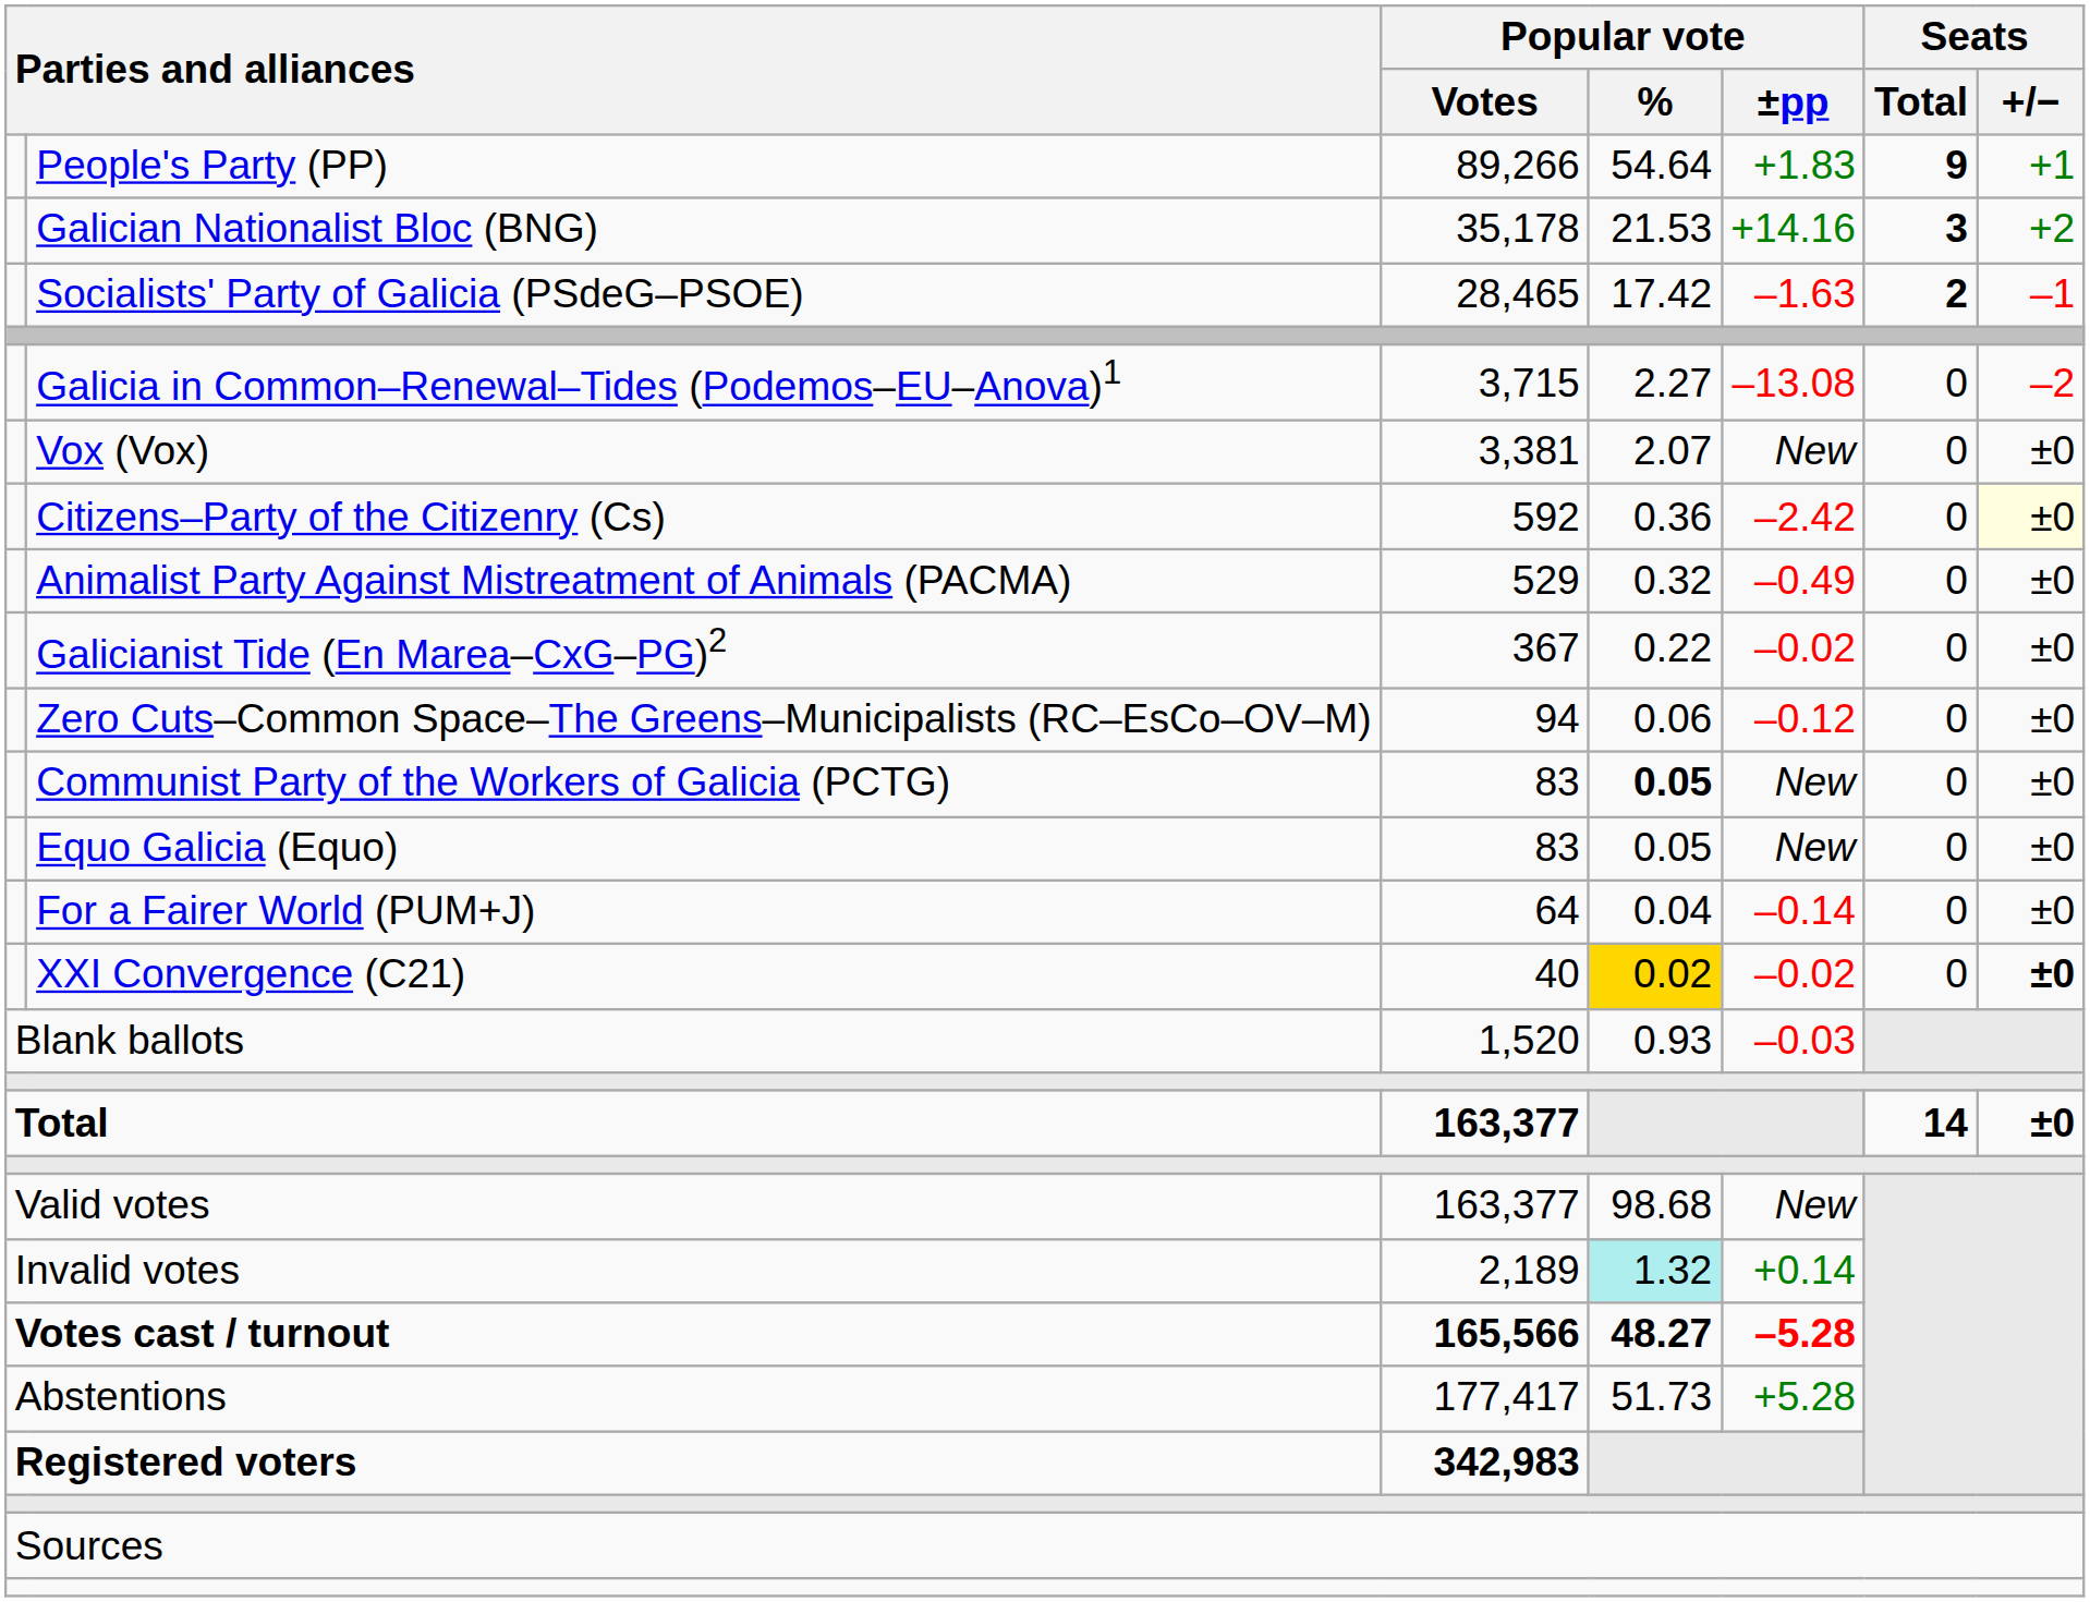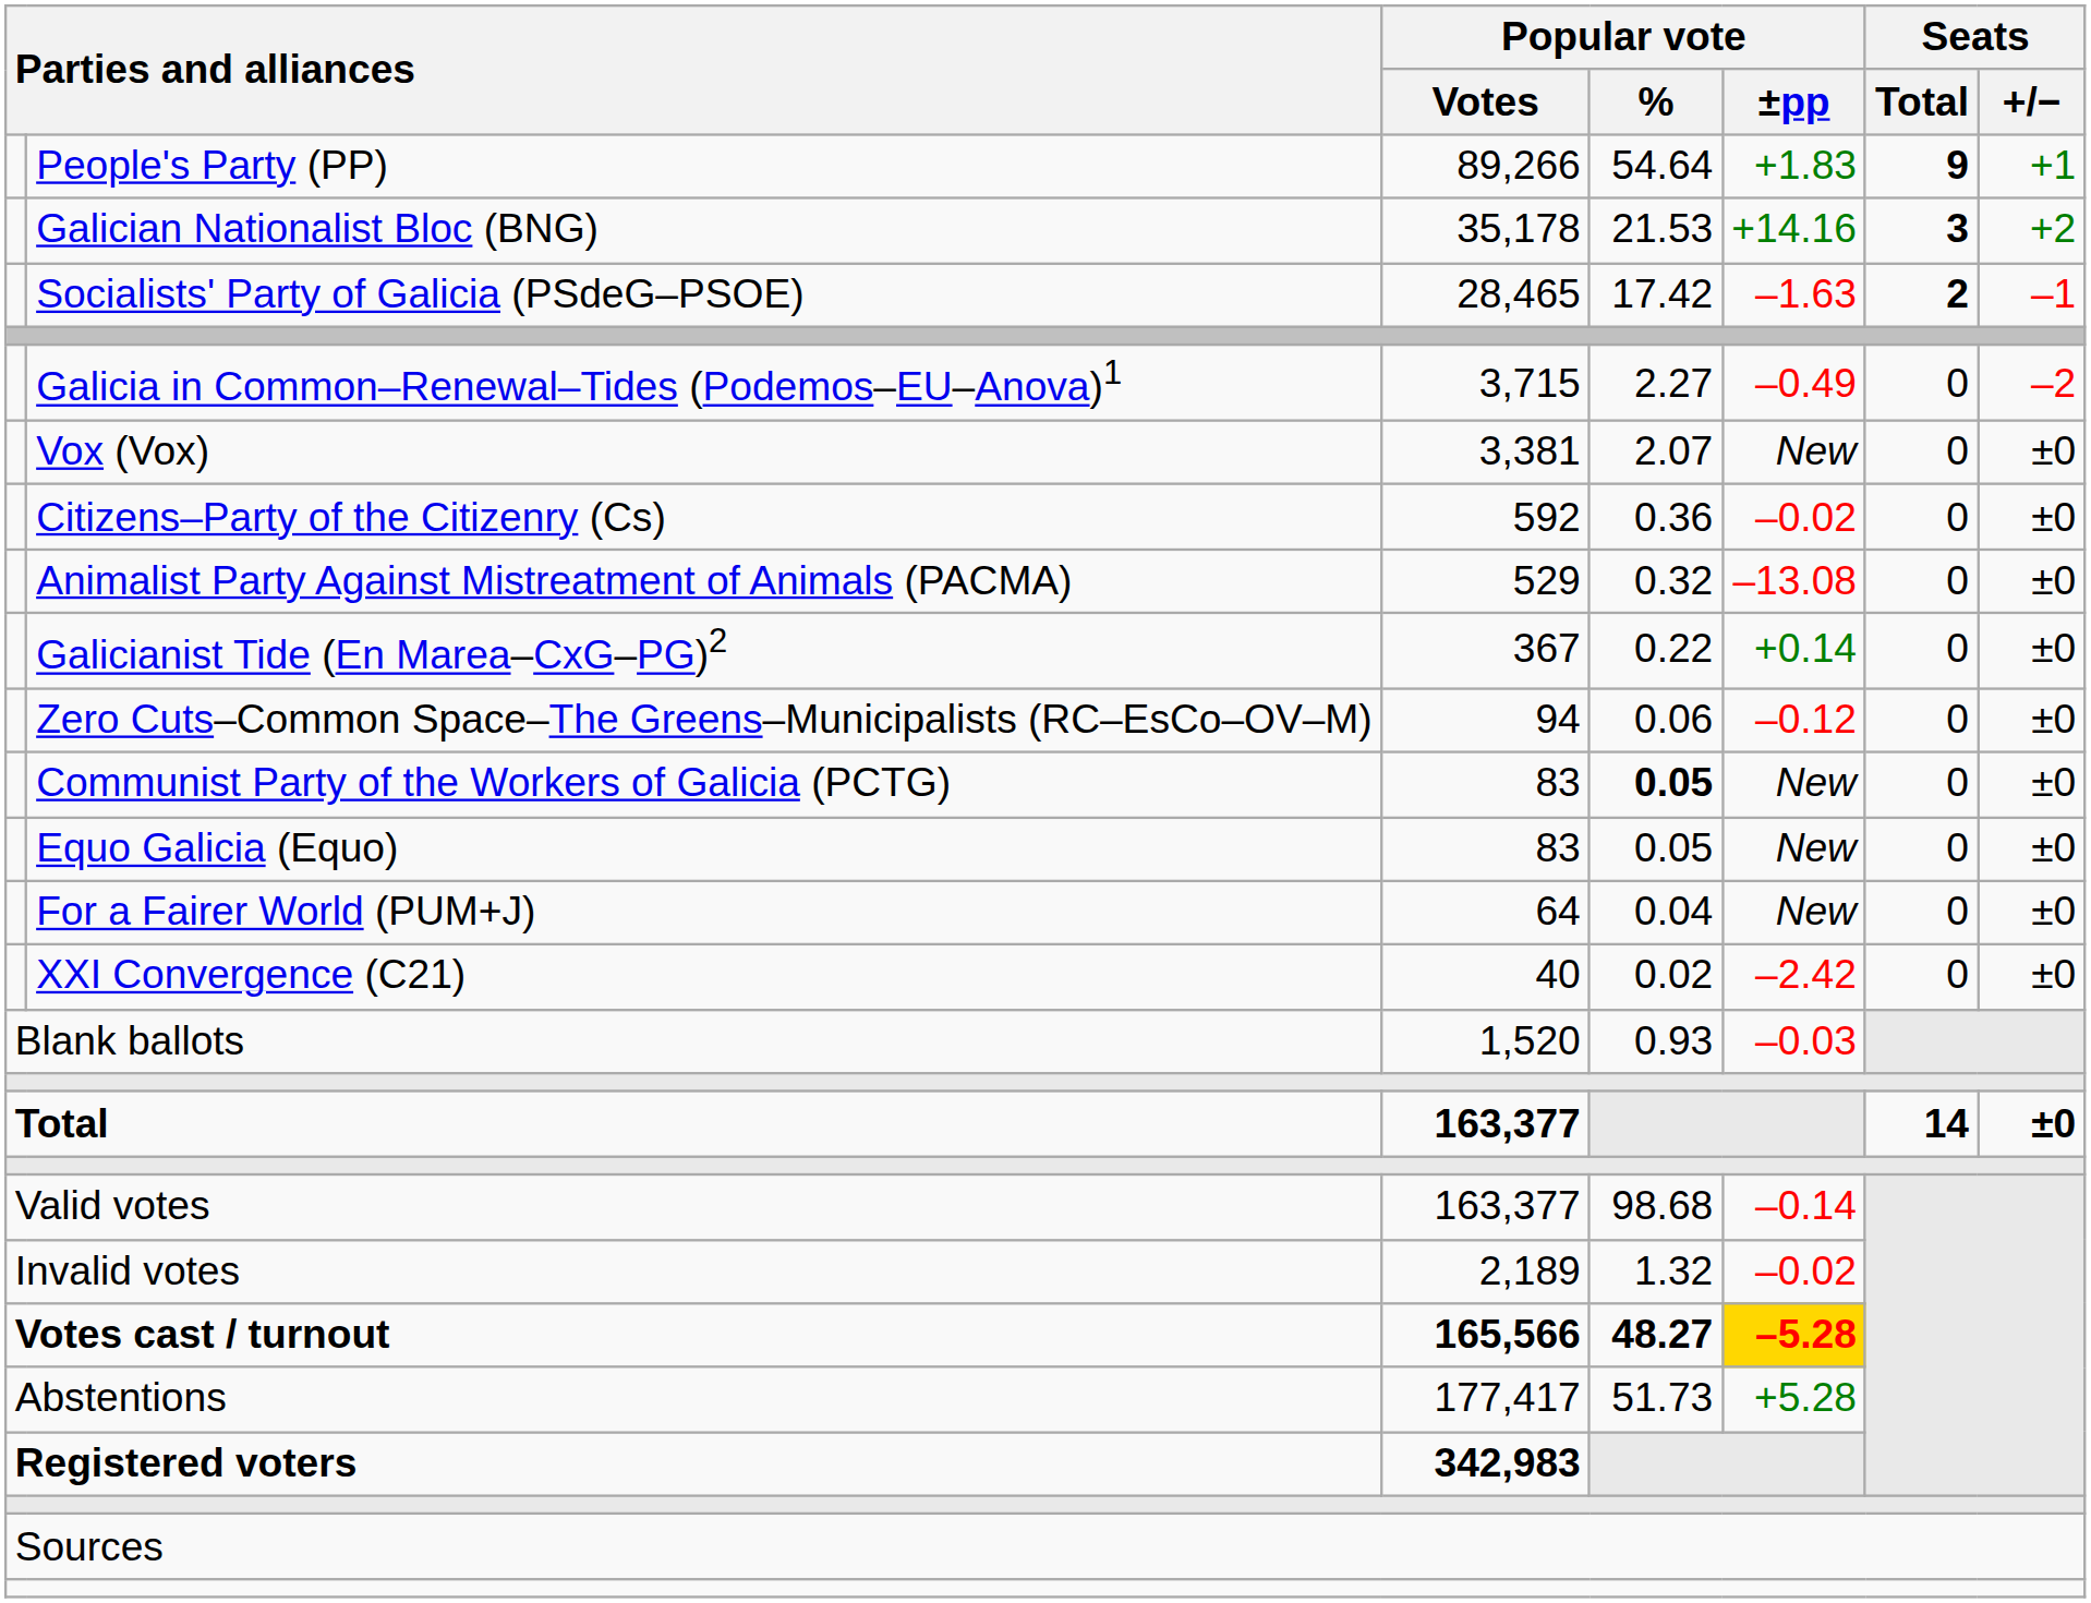 <table class="wikitable" style="text-align:right;">
 <tr>
 <th style="text-align:left;" rowspan="2" colspan="2" width="525">Parties and alliances</th>
 <th colspan="3">Popular vote</th>
 <th colspan="2">Seats</th>
 </tr>
 <tr>
 <th width="75">Votes</th>
 <th width="45">%</th>
 <th width="45">±<a href='#'>pp</a></th>
 <th width="35">Total</th>
 <th width="35">+/−</th>
 </tr>
 <tr>
 <td width="1" style="color:inherit;background:"></td>
 <td align="left"><a href='#'>People's Party</a> (PP)</td>
 <td>89,266</td>
 <td>54.64</td>
 <td style="color:green;">+1.83</td>
 <td><strong>9</strong></td>
 <td style="color:green;">+1</td>
 </tr>
 <tr>
 <td style="color:inherit;background:"></td>
 <td align="left"><a href='#'>Galician Nationalist Bloc</a> (BNG)</td>
 <td>35,178</td>
 <td>21.53</td>
 <td style="color:green;">+14.16</td>
 <td><strong>3</strong></td>
 <td style="color:green;">+2</td>
 </tr>
 <tr>
 <td style="color:inherit;background:"></td>
 <td align="left"><a href='#'>Socialists' Party of Galicia</a> (PSdeG–PSOE)</td>
 <td>28,465</td>
 <td>17.42</td>
 <td style="color:red;">–1.63</td>
 <td><strong>2</strong></td>
 <td style="color:red;">–1</td>
 </tr>
 <tr>
 <td colspan="7" bgcolor="#C0C0C0"></td>
 </tr>
 <tr>
 <td style="color:inherit;background:"></td>
 <td align="left"><a href='#'>Galicia in Common–Renewal–Tides</a> (<a href='#'>Podemos</a>–<a href='#'>EU</a>–<a href='#'>Anova</a>)<sup>1</sup></td>
 <td>3,715</td>
 <td>2.27</td>
-<td style="color:red;">–13.08</td>
+<td style="color:red;">–0.49</td>
 <td>0</td>
 <td style="color:red;">–2</td>
 </tr>
 <tr>
 <td style="color:inherit;background:"></td>
 <td align="left"><a href='#'>Vox</a> (Vox)</td>
 <td>3,381</td>
 <td>2.07</td>
 <td><em>New</em></td>
 <td>0</td>
 <td>±0</td>
 </tr>
 <tr>
 <td style="color:inherit;background:"></td>
 <td align="left"><a href='#'>Citizens–Party of the Citizenry</a> (Cs)</td>
 <td>592</td>
 <td>0.36</td>
-<td style="color:red;">–2.42</td>
+<td style="color:red;">–0.02</td>
 <td>0</td>
-<td style="background: lightyellow;">±0</td>
+<td>±0</td>
 </tr>
 <tr>
 <td style="color:inherit;background:"></td>
 <td align="left"><a href='#'>Animalist Party Against Mistreatment of Animals</a> (PACMA)</td>
 <td>529</td>
 <td>0.32</td>
-<td style="color:red;">–0.49</td>
+<td style="color:red;">–13.08</td>
 <td>0</td>
 <td>±0</td>
 </tr>
 <tr>
 <td style="color:inherit;background:"></td>
 <td align="left"><a href='#'>Galicianist Tide</a> (<a href='#'>En Marea</a>–<a href='#'>CxG</a>–<a href='#'>PG</a>)<sup>2</sup></td>
 <td>367</td>
 <td>0.22</td>
-<td style="color:red;">–0.02</td>
+<td style="color:green;">+0.14</td>
 <td>0</td>
 <td>±0</td>
 </tr>
 <tr>
 <td style="color:inherit;background:"></td>
 <td align="left"><a href='#'>Zero Cuts</a>–Common Space–<a href='#'>The Greens</a>–Municipalists (RC–EsCo–OV–M)</td>
 <td>94</td>
 <td>0.06</td>
 <td style="color:red;">–0.12</td>
 <td>0</td>
 <td>±0</td>
 </tr>
 <tr>
 <td style="color:inherit;background:"></td>
 <td align="left"><a href='#'>Communist Party of the Workers of Galicia</a> (PCTG)</td>
 <td>83</td>
 <td><strong>0.05</strong></td>
 <td><em>New</em></td>
 <td>0</td>
 <td>±0</td>
 </tr>
 <tr>
 <td style="color:inherit;background:"></td>
 <td align="left"><a href='#'>Equo Galicia</a> (Equo)</td>
 <td>83</td>
 <td>0.05</td>
 <td><em>New</em></td>
 <td>0</td>
 <td>±0</td>
 </tr>
 <tr>
 <td style="color:inherit;background:"></td>
 <td align="left"><a href='#'>For a Fairer World</a> (PUM+J)</td>
 <td>64</td>
 <td>0.04</td>
-<td style="color:red;">–0.14</td>
+<td><em>New</em></td>
 <td>0</td>
 <td>±0</td>
 </tr>
 <tr>
 <td style="color:inherit;background:"></td>
 <td align="left"><a href='#'>XXI Convergence</a> (C21)</td>
 <td>40</td>
-<td style="background: gold;">0.02</td>
-<td style="color:red;">–0.02</td>
+<td>0.02</td>
+<td style="color:red;">–2.42</td>
 <td>0</td>
-<td><strong>±0</strong></td>
+<td>±0</td>
 </tr>
 <tr>
 <td align="left" colspan="2">Blank ballots</td>
 <td>1,520</td>
 <td>0.93</td>
 <td style="color:red;">–0.03</td>
 <td bgcolor="#E9E9E9" colspan="2"></td>
 </tr>
 <tr>
 <td colspan="7" bgcolor="#E9E9E9"></td>
 </tr>
 <tr style="font-weight:bold;">
 <td align="left" colspan="2">Total</td>
 <td>163,377</td>
 <td bgcolor="#E9E9E9" colspan="2"></td>
 <td>14</td>
 <td>±0</td>
 </tr>
 <tr>
 <td colspan="7" bgcolor="#E9E9E9"></td>
 </tr>
 <tr>
 <td align="left" colspan="2">Valid votes</td>
 <td>163,377</td>
 <td>98.68</td>
-<td><em>New</em></td>
+<td style="color:red;">–0.14</td>
 <td bgcolor="#E9E9E9" colspan="2" rowspan="5"></td>
 </tr>
 <tr>
 <td align="left" colspan="2">Invalid votes</td>
 <td>2,189</td>
-<td style="background: paleturquoise;">1.32</td>
-<td style="color:green;">+0.14</td>
+<td>1.32</td>
+<td style="color:red;">–0.02</td>
 </tr>
 <tr style="font-weight:bold;">
 <td align="left" colspan="2">Votes cast / turnout</td>
 <td>165,566</td>
 <td>48.27</td>
-<td style="color:red;">–5.28</td>
+<td style="background: gold; color:red;">–5.28</td>
 </tr>
 <tr>
 <td align="left" colspan="2">Abstentions</td>
 <td>177,417</td>
 <td>51.73</td>
 <td style="color:green;">+5.28</td>
 </tr>
 <tr style="font-weight:bold;">
 <td align="left" colspan="2">Registered voters</td>
 <td>342,983</td>
 <td bgcolor="#E9E9E9" colspan="2"></td>
 </tr>
 <tr>
 <td colspan="7" bgcolor="#E9E9E9"></td>
 </tr>
 <tr>
 <td align="left" colspan="7">Sources</td>
 </tr>
 <tr>
 <td colspan="7" style="text-align:left; max-width:790px;"></td>
 </tr>
 </table>
